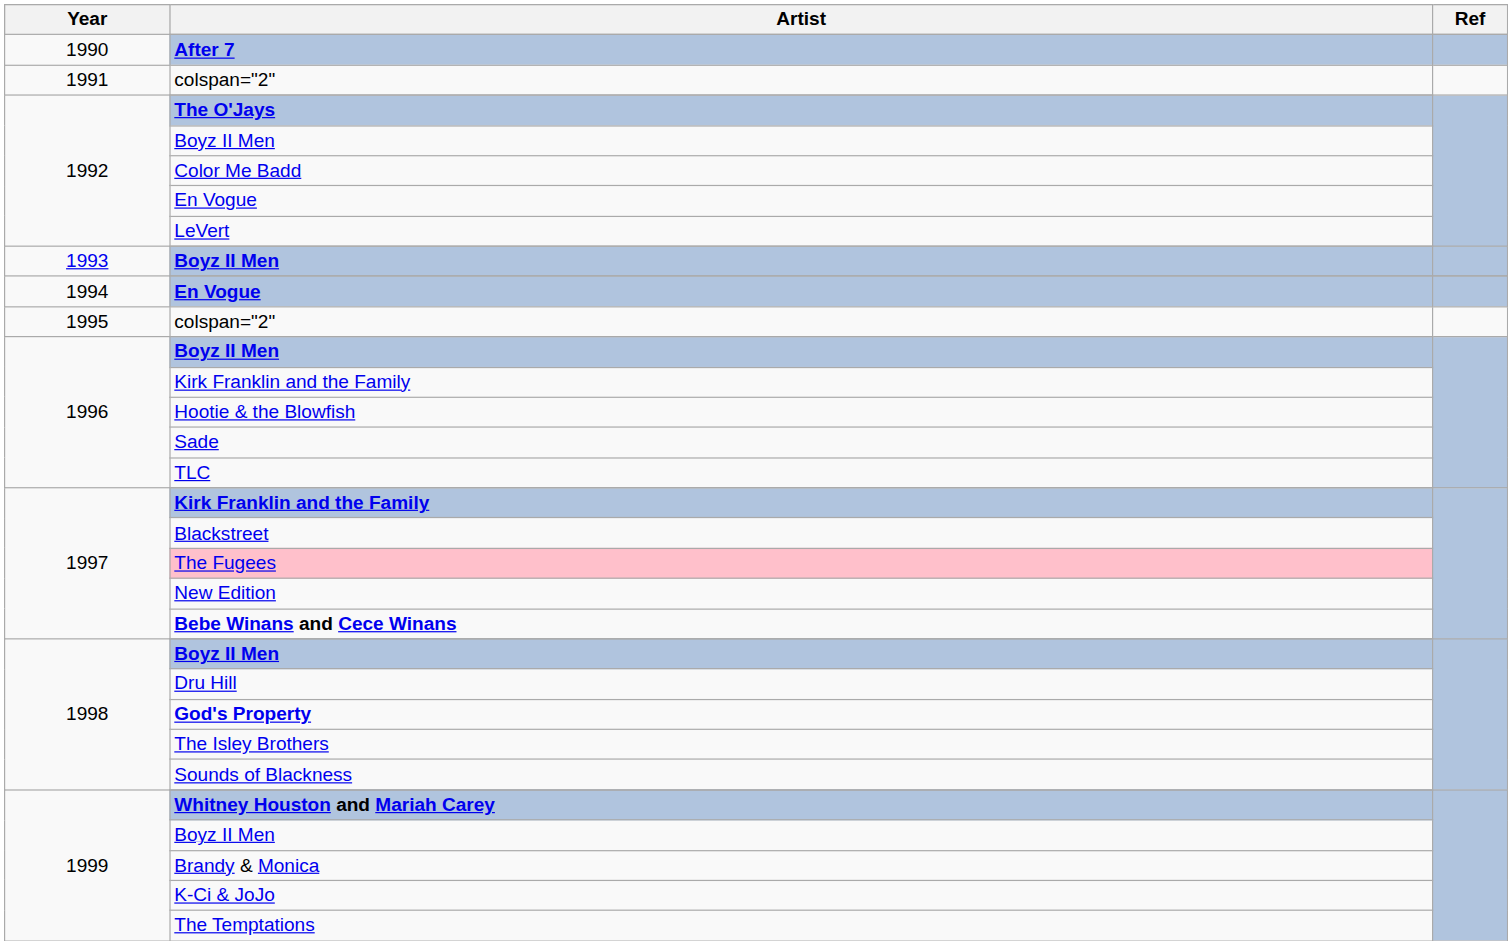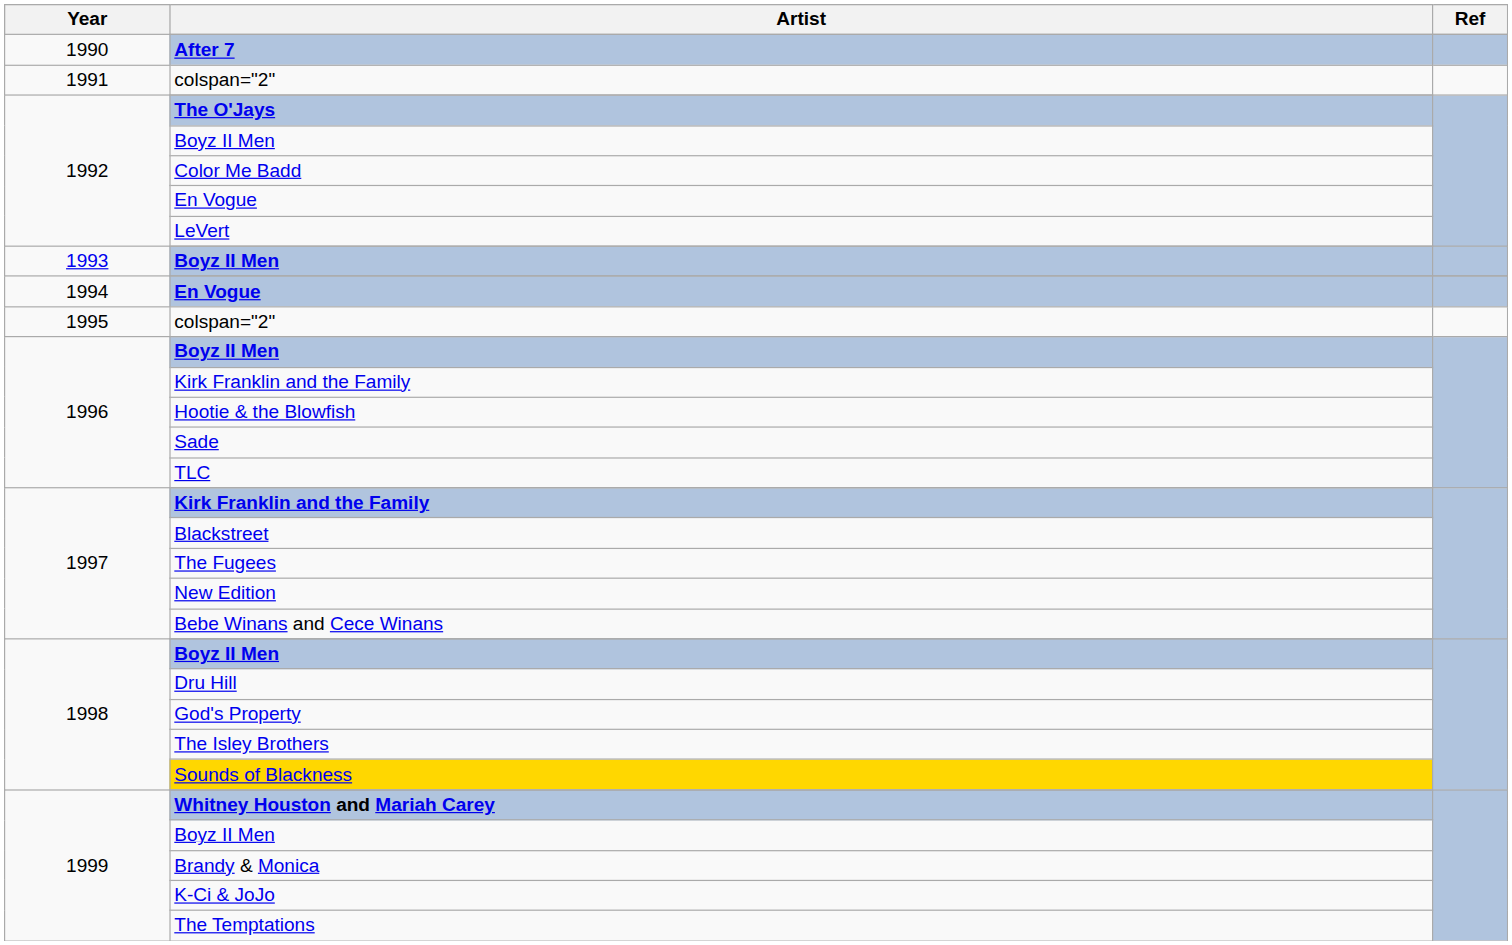 <table class="wikitable" style="width:100%;">
 <tr style="background:#bebebe;">
 <th style="width:11%;">Year</th>
 <th style="width:84%;">Artist</th>
 <th style="width:5%;">Ref</th>
 </tr>
 <tr>
 <td rowspan="2" align="center">1990</td>
 </tr>
 <tr style="background:#B0C4DE">
 <td><strong><a href='#'>After 7</a></strong></td>
 <td align="center"></td>
 </tr>
 <tr>
 <td align="center">1991</td>
 <td>colspan="2" </td>
 </tr>
 <tr>
 <td rowspan="6" align="center">1992</td>
 </tr>
 <tr style="background:#B0C4DE">
 <td><strong><a href='#'>The O'Jays</a></strong></td>
 <td rowspan="6" align="center"></td>
 </tr>
 <tr>
 <td><a href='#'>Boyz II Men</a></td>
 </tr>
 <tr>
 <td><a href='#'>Color Me Badd</a></td>
 </tr>
 <tr>
 <td><a href='#'>En Vogue</a></td>
 </tr>
 <tr>
 <td><a href='#'>LeVert</a></td>
 </tr>
 <tr>
 <td rowspan="2" align="center"><a href='#'>1993</a></td>
 </tr>
 <tr style="background:#B0C4DE">
 <td><strong><a href='#'>Boyz II Men</a></strong></td>
 <td align="center"></td>
 </tr>
 <tr>
 <td rowspan="2" align="center">1994</td>
 </tr>
 <tr style="background:#B0C4DE">
 <td><strong><a href='#'>En Vogue</a></strong></td>
 <td align="center"></td>
 </tr>
 <tr>
 <td align="center">1995</td>
 <td>colspan="2" </td>
 </tr>
 <tr>
 <td rowspan="6" align="center">1996</td>
 </tr>
 <tr style="background:#B0C4DE">
 <td><strong><a href='#'>Boyz II Men</a></strong></td>
 <td rowspan="6" align="center"></td>
 </tr>
 <tr>
 <td><a href='#'>Kirk Franklin and the Family</a></td>
 </tr>
 <tr>
 <td><a href='#'>Hootie & the Blowfish</a></td>
 </tr>
 <tr>
 <td><a href='#'>Sade</a></td>
 </tr>
 <tr>
 <td><a href='#'>TLC</a></td>
 </tr>
 <tr>
 <td rowspan="6" align="center">1997</td>
 </tr>
 <tr style="background:#B0C4DE">
 <td><strong><a href='#'>Kirk Franklin and the Family</a></strong></td>
 <td rowspan="6" align="center"></td>
 </tr>
 <tr>
 <td><a href='#'>Blackstreet</a></td>
 </tr>
 <tr>
-<td style="background: pink;"><a href='#'>The Fugees</a></td>
+<td><a href='#'>The Fugees</a></td>
 </tr>
 <tr>
 <td><a href='#'>New Edition</a></td>
 </tr>
 <tr>
-<td><strong><a href='#'>Bebe Winans</a> and <a href='#'>Cece Winans</a></strong></td>
+<td><a href='#'>Bebe Winans</a> and <a href='#'>Cece Winans</a></td>
 </tr>
 <tr>
 <td rowspan="6" align="center">1998</td>
 </tr>
 <tr style="background:#B0C4DE">
 <td><strong><a href='#'>Boyz II Men</a></strong></td>
 <td rowspan="6" align="center"></td>
 </tr>
 <tr>
 <td><a href='#'>Dru Hill</a></td>
 </tr>
 <tr>
-<td><strong><a href='#'>God's Property</a></strong></td>
+<td><a href='#'>God's Property</a></td>
 </tr>
 <tr>
 <td><a href='#'>The Isley Brothers</a></td>
 </tr>
 <tr>
-<td><a href='#'>Sounds of Blackness</a></td>
+<td style="background: gold;"><a href='#'>Sounds of Blackness</a></td>
 </tr>
 <tr>
 <td rowspan="6" align="center">1999</td>
 </tr>
 <tr style="background:#B0C4DE">
 <td><strong><a href='#'>Whitney Houston</a> and <a href='#'>Mariah Carey</a></strong></td>
 <td rowspan="6" align="center"></td>
 </tr>
 <tr>
 <td><a href='#'>Boyz II Men</a></td>
 </tr>
 <tr>
 <td><a href='#'>Brandy</a> & <a href='#'>Monica</a></td>
 </tr>
 <tr>
 <td><a href='#'>K-Ci & JoJo</a></td>
 </tr>
 <tr>
 <td><a href='#'>The Temptations</a></td>
 </tr>
 </table>
